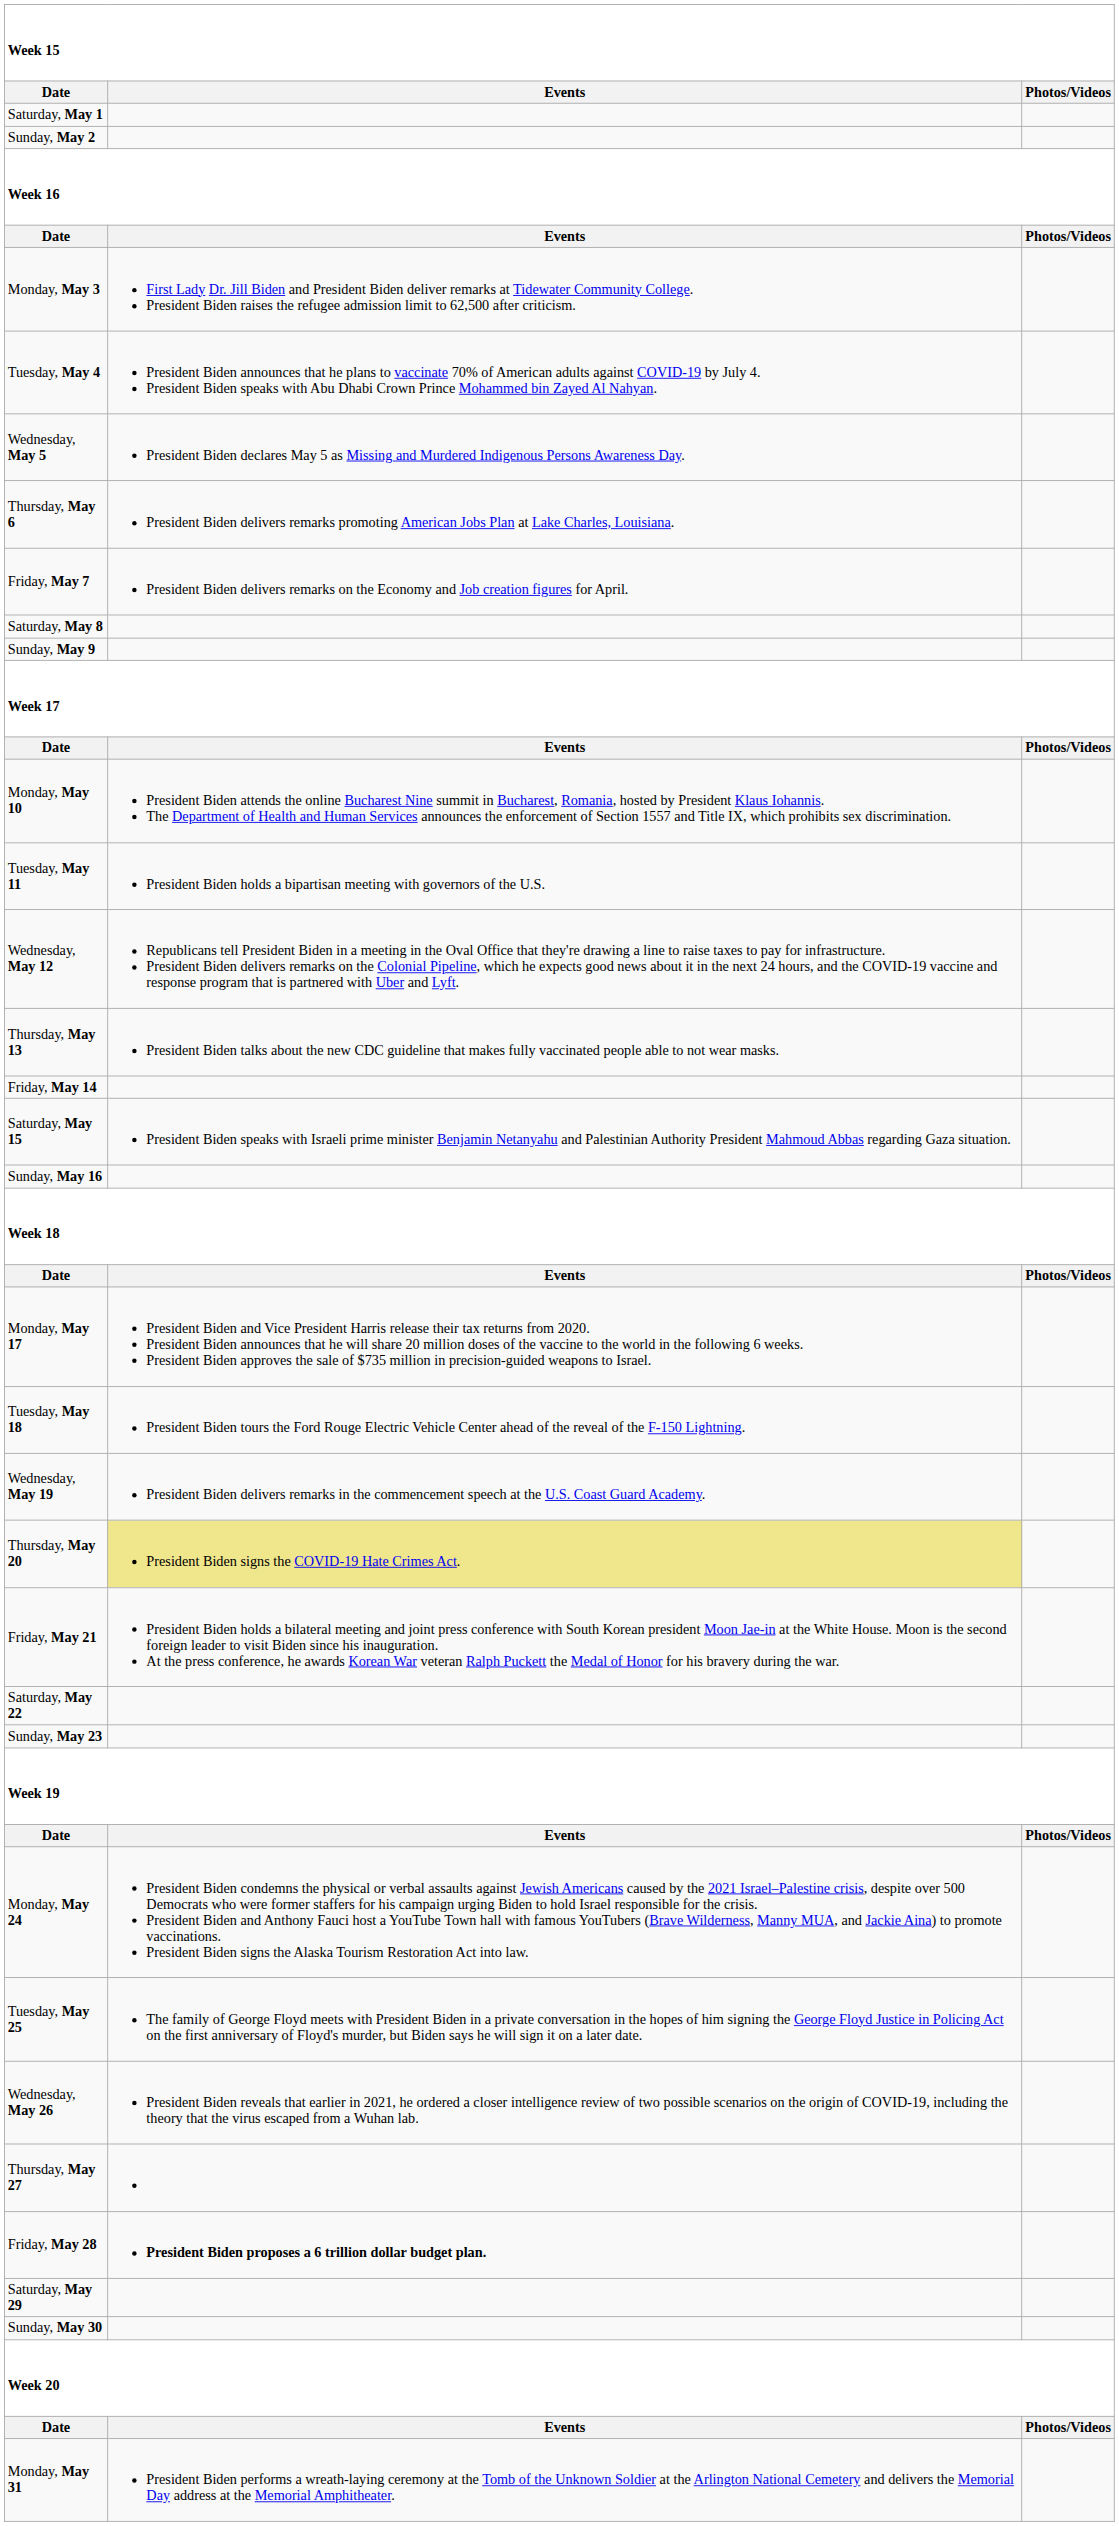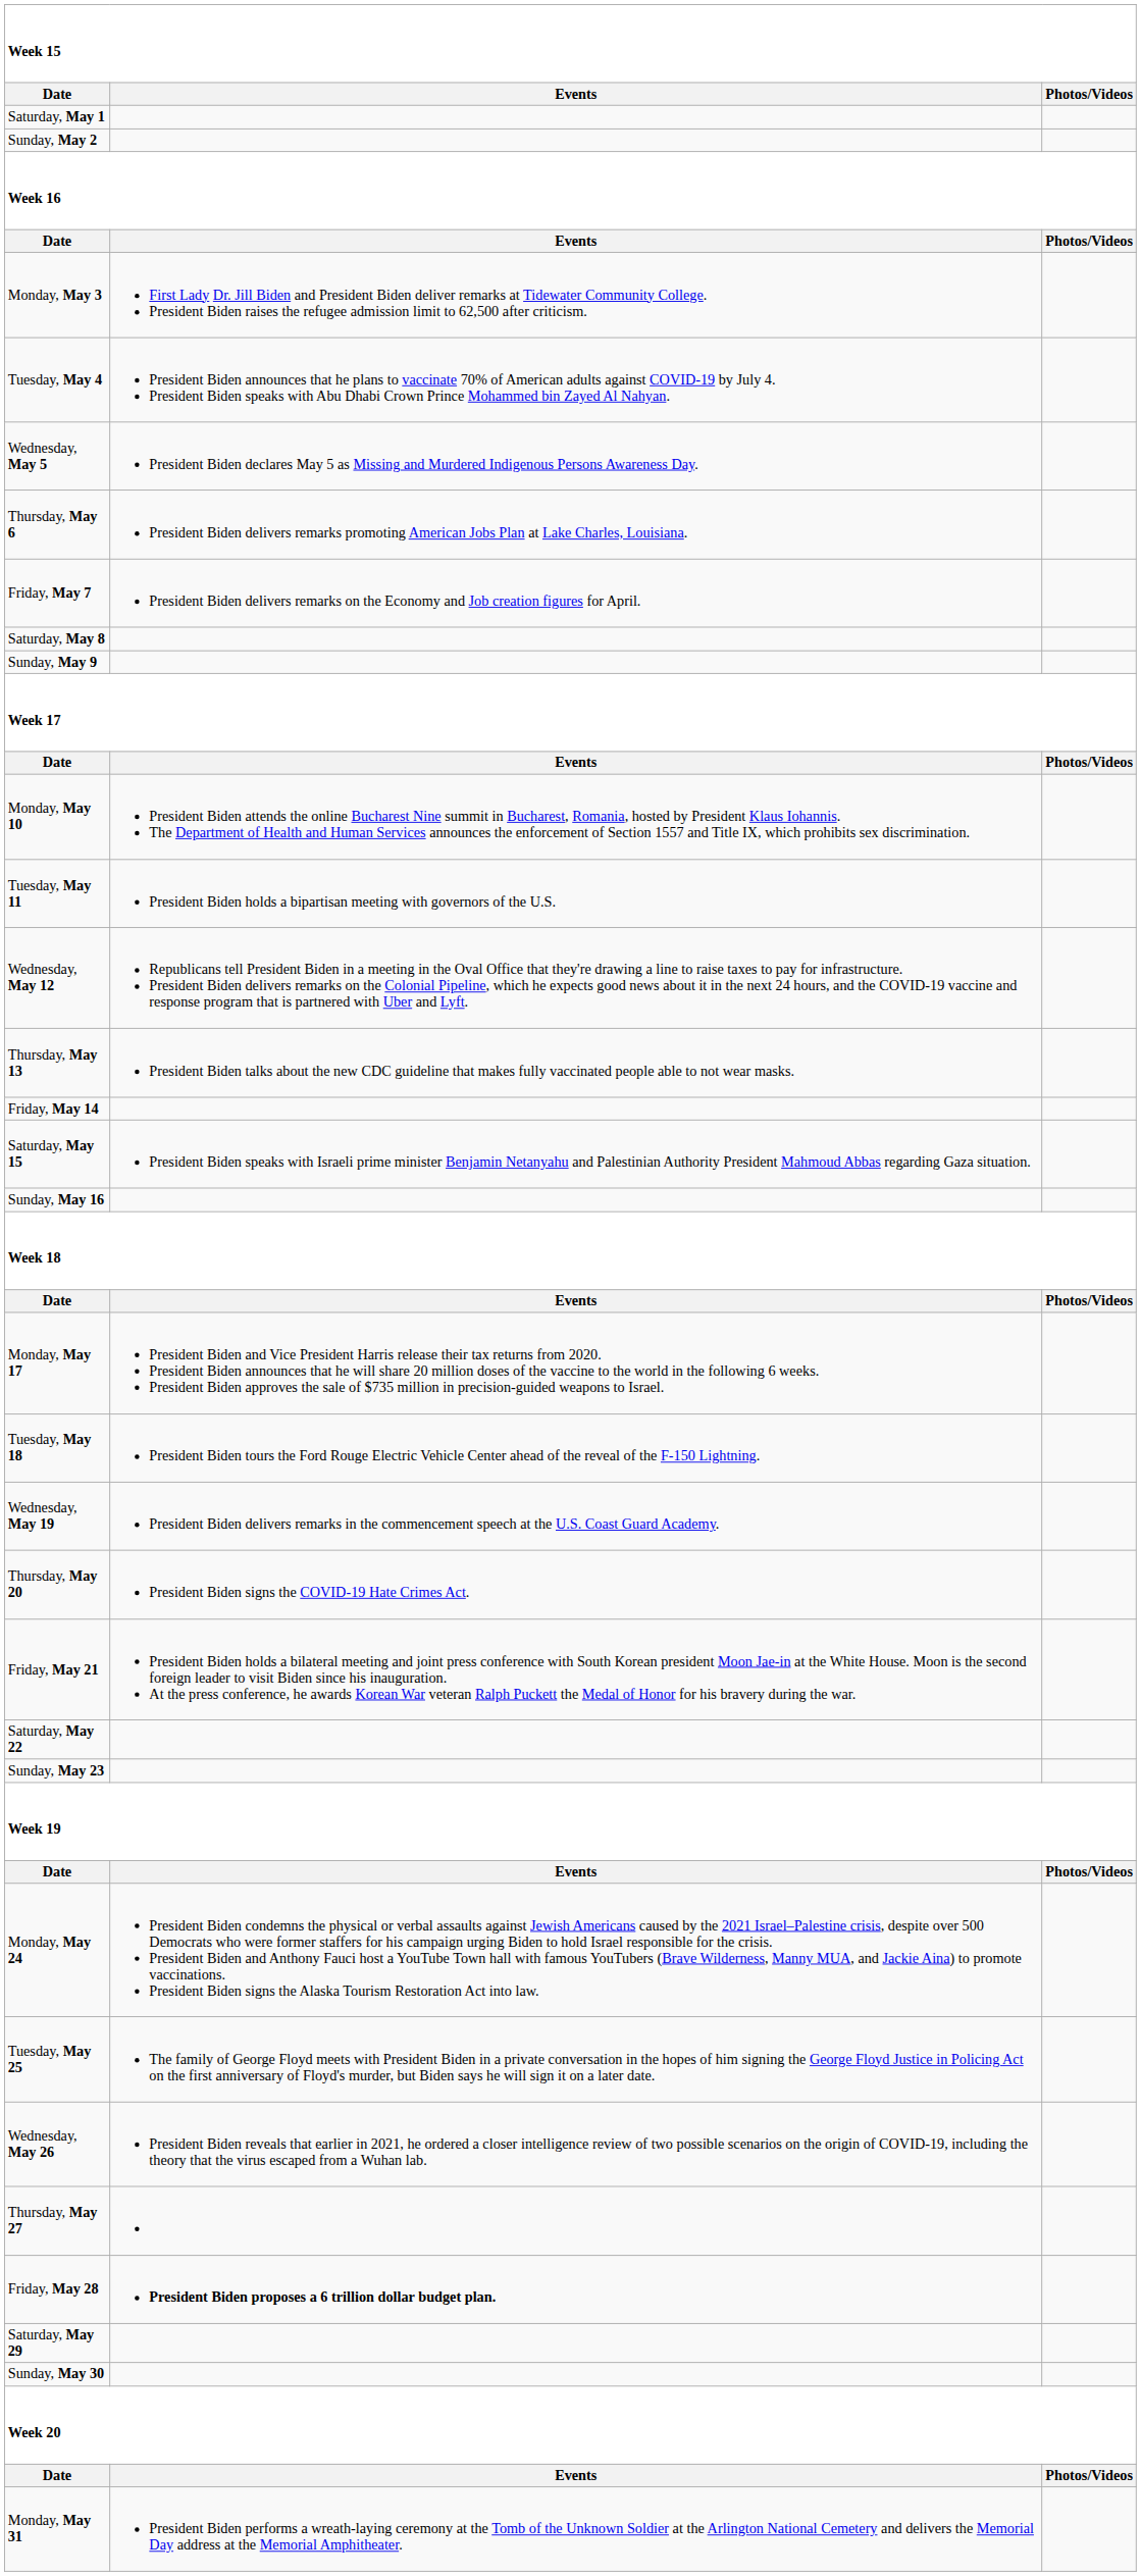 <table class="wikitable">
 <tr style="background:white;">
 <td colspan="3"><br><h4>Week 15</h4></td>
 </tr>
 <tr>
 <th>Date</th>
 <th>Events</th>
 <th>Photos/Videos</th>
 </tr>
 <tr>
 <td>Saturday, <strong>May 1</strong></td>
 <td></td>
 <td></td>
 </tr>
 <tr>
 <td>Sunday, <strong>May 2</strong></td>
 <td></td>
 <td></td>
 </tr>
 <tr style="background:white;">
 <td colspan=3><br><h4>Week 16</h4></td>
 </tr>
 <tr>
 <th>Date</th>
 <th>Events</th>
 <th>Photos/Videos</th>
 </tr>
 <tr>
 <td>Monday, <strong>May 3</strong></td>
 <td><br><ul><li><a href='#'>First Lady</a> <a href='#'>Dr. Jill Biden</a> and President Biden deliver remarks at <a href='#'>Tidewater Community College</a>.</li><li>President Biden raises the refugee admission limit to 62,500 after criticism.</li></ul></td>
 <td></td>
 </tr>
 <tr>
 <td>Tuesday, <strong>May 4</strong></td>
 <td><br><ul><li>President Biden announces that he plans to <a href='#'>vaccinate</a> 70% of American adults against <a href='#'>COVID-19</a> by July 4.</li><li>President Biden speaks with Abu Dhabi Crown Prince <a href='#'>Mohammed bin Zayed Al Nahyan</a>.</li></ul></td>
 <td></td>
 </tr>
 <tr>
 <td>Wednesday, <strong>May 5</strong></td>
 <td><br><ul><li>President Biden declares May 5 as <a href='#'>Missing and Murdered Indigenous Persons Awareness Day</a>.</li></ul></td>
 <td></td>
 </tr>
 <tr>
 <td>Thursday, <strong>May 6</strong></td>
 <td><br><ul><li>President Biden delivers remarks promoting <a href='#'>American Jobs Plan</a> at <a href='#'>Lake Charles, Louisiana</a>.</li></ul></td>
 <td></td>
 </tr>
 <tr>
 <td>Friday, <strong>May 7</strong></td>
 <td><br><ul><li>President Biden delivers remarks on the Economy and <a href='#'>Job creation figures</a> for April.</li></ul></td>
 <td></td>
 </tr>
 <tr>
 <td>Saturday, <strong>May 8</strong></td>
 <td></td>
 <td></td>
 </tr>
 <tr>
 <td>Sunday, <strong>May 9</strong></td>
 <td></td>
 <td></td>
 </tr>
 <tr style="background:white;">
 <td colspan=3><br><h4>Week 17</h4></td>
 </tr>
 <tr>
 <th>Date</th>
 <th>Events</th>
 <th>Photos/Videos</th>
 </tr>
 <tr>
 <td>Monday, <strong>May 10</strong></td>
 <td><br><ul><li>President Biden attends the online <a href='#'>Bucharest Nine</a> summit in <a href='#'>Bucharest</a>, <a href='#'>Romania</a>, hosted by President <a href='#'>Klaus Iohannis</a>.</li><li>The <a href='#'>Department of Health and Human Services</a> announces the enforcement of Section 1557 and Title IX, which prohibits sex discrimination.</li></ul></td>
 <td></td>
 </tr>
 <tr>
 <td>Tuesday, <strong>May 11</strong></td>
 <td><br><ul><li>President Biden holds a bipartisan meeting with governors of the U.S.</li></ul></td>
 <td></td>
 </tr>
 <tr>
 <td>Wednesday, <strong>May 12</strong></td>
 <td><br><ul><li>Republicans tell President Biden in a meeting in the Oval Office that they're drawing a line to raise taxes to pay for infrastructure.</li><li>President Biden delivers remarks on the <a href='#'>Colonial Pipeline</a>, which he expects good news about it in the next 24 hours, and the COVID-19 vaccine and response program that is partnered with <a href='#'>Uber</a> and <a href='#'>Lyft</a>.</li></ul></td>
 <td></td>
 </tr>
 <tr>
 <td>Thursday, <strong>May 13</strong></td>
 <td><br><ul><li>President Biden talks about the new CDC guideline that makes fully vaccinated people able to not wear masks.</li></ul></td>
 <td></td>
 </tr>
 <tr>
 <td>Friday, <strong>May 14</strong></td>
 <td></td>
 </tr>
 <tr>
 <td>Saturday, <strong>May 15</strong></td>
 <td><br><ul><li>President Biden speaks with Israeli prime minister <a href='#'>Benjamin Netanyahu</a> and Palestinian Authority President <a href='#'>Mahmoud Abbas</a> regarding Gaza situation.</li></ul></td>
 <td></td>
 </tr>
 <tr>
 <td>Sunday, <strong>May 16</strong></td>
 <td></td>
 <td></td>
 </tr>
 <tr style="background:white;">
 <td colspan=3><br><h4>Week 18</h4></td>
 </tr>
 <tr>
 <th>Date</th>
 <th>Events</th>
 <th>Photos/Videos</th>
 </tr>
 <tr>
 <td>Monday, <strong>May 17</strong></td>
 <td><br><ul><li>President Biden and Vice President Harris release their tax returns from 2020.</li><li>President Biden announces that he will share 20 million doses of the vaccine to the world in the following 6 weeks.</li><li>President Biden approves the sale of $735 million in precision-guided weapons to Israel.</li></ul></td>
 <td></td>
 </tr>
 <tr>
 <td>Tuesday, <strong>May 18</strong></td>
 <td><br><ul><li>President Biden tours the Ford Rouge Electric Vehicle Center ahead of the reveal of the <a href='#'>F-150 Lightning</a>.</li></ul></td>
 <td></td>
 </tr>
 <tr>
 <td>Wednesday, <strong>May 19</strong></td>
 <td><br><ul><li>President Biden delivers remarks in the commencement speech at the <a href='#'>U.S. Coast Guard Academy</a>.</li></ul></td>
 <td></td>
 </tr>
 <tr>
 <td>Thursday, <strong>May 20</strong></td>
-<td style="background: khaki;"><br><ul><li>President Biden signs the <a href='#'>COVID-19 Hate Crimes Act</a>.</li></ul></td>
+<td><br><ul><li>President Biden signs the <a href='#'>COVID-19 Hate Crimes Act</a>.</li></ul></td>
 <td></td>
 </tr>
 <tr>
 <td>Friday, <strong>May 21</strong></td>
 <td><br><ul><li>President Biden holds a bilateral meeting and joint press conference with South Korean president <a href='#'>Moon Jae-in</a> at the White House. Moon is the second foreign leader to visit Biden since his inauguration.</li><li>At the press conference, he awards <a href='#'>Korean War</a> veteran <a href='#'>Ralph Puckett</a> the <a href='#'>Medal of Honor</a> for his bravery during the war.</li></ul></td>
 <td><br>  </td>
 </tr>
 <tr>
 <td>Saturday, <strong>May 22</strong></td>
 <td></td>
 <td></td>
 </tr>
 <tr>
 <td>Sunday, <strong>May 23</strong></td>
 <td></td>
 <td></td>
 </tr>
 <tr style="background:white;">
 <td colspan=3><br><h4>Week 19</h4></td>
 </tr>
 <tr>
 <th>Date</th>
 <th>Events</th>
 <th>Photos/Videos</th>
 </tr>
 <tr>
 <td>Monday, <strong>May 24</strong></td>
 <td><br><ul><li>President Biden condemns the physical or verbal assaults against <a href='#'>Jewish Americans</a> caused by the <a href='#'>2021 Israel–Palestine crisis</a>, despite over 500 Democrats who were former staffers for his campaign urging Biden to hold Israel responsible for the crisis.</li><li>President Biden and Anthony Fauci host a YouTube Town hall with famous YouTubers (<a href='#'>Brave Wilderness</a>, <a href='#'>Manny MUA</a>, and <a href='#'>Jackie Aina</a>) to promote vaccinations.</li><li>President Biden signs the Alaska Tourism Restoration Act into law.</li></ul></td>
 <td><br></td>
 </tr>
 <tr>
 <td>Tuesday, <strong>May 25</strong></td>
 <td><br><ul><li>The family of George Floyd meets with President Biden in a private conversation in the hopes of him signing the <a href='#'>George Floyd Justice in Policing Act</a> on the first anniversary of Floyd's murder, but Biden says he will sign it on a later date.</li></ul></td>
 <td></td>
 </tr>
 <tr>
 <td>Wednesday, <strong>May 26</strong></td>
 <td><br><ul><li>President Biden reveals that earlier in 2021, he ordered a closer intelligence review of two possible scenarios on the origin of COVID-19, including the theory that the virus escaped from a Wuhan lab.</li></ul></td>
 <td></td>
 </tr>
 <tr>
 <td>Thursday, <strong>May 27</strong></td>
 <td><br><ul><li></li></ul></td>
 <td></td>
 </tr>
 <tr>
 <td>Friday, <strong>May 28</strong></td>
 <td><strong><br><ul><li>President Biden proposes a 6 trillion dollar budget plan.</li></ul></strong></td>
 <td></td>
 </tr>
 <tr>
 <td>Saturday, <strong>May 29</strong></td>
 <td></td>
 <td></td>
 </tr>
 <tr>
 <td>Sunday, <strong>May 30</strong></td>
 <td></td>
 <td></td>
 </tr>
 <tr style="background:white;">
 <td colspan=3><br><h4>Week 20</h4></td>
 </tr>
 <tr>
 <th>Date</th>
 <th>Events</th>
 <th>Photos/Videos</th>
 </tr>
 <tr>
 <td>Monday, <strong>May 31</strong></td>
 <td><br><ul><li>President Biden performs a wreath-laying ceremony at the <a href='#'>Tomb of the Unknown Soldier</a> at the <a href='#'>Arlington National Cemetery</a> and delivers the <a href='#'>Memorial Day</a> address at the <a href='#'>Memorial Amphitheater</a>.</li></ul></td>
 <td></td>
 </tr>
 </table>
